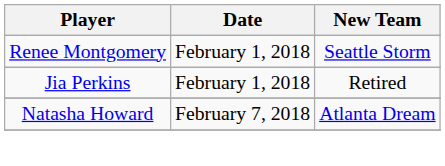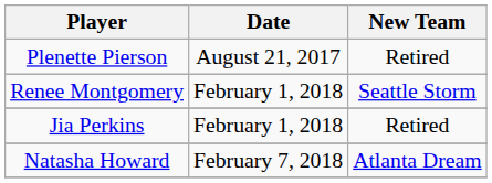 <table class="wikitable sortable sortable">
 <tr>
 <th>Player</th>
 <th>Date</th>
 <th>New Team</th>
+</tr>
+<tr style="text-align: center">
+<td><a href='#'>Plenette Pierson</a></td>
+<td>August 21, 2017</td>
+<td>Retired </td>
 </tr>
 <tr>
 </tr>
 <tr style="text-align: center">
 <td><a href='#'>Renee Montgomery</a></td>
 <td>February 1, 2018</td>
 <td><a href='#'>Seattle Storm</a></td>
 </tr>
 <tr>
 </tr>
 <tr style="text-align: center">
 <td><a href='#'>Jia Perkins</a></td>
 <td>February 1, 2018</td>
 <td>Retired </td>
 </tr>
 <tr>
 </tr>
 <tr style="text-align: center">
 <td><a href='#'>Natasha Howard</a></td>
 <td>February 7, 2018</td>
 <td><a href='#'>Atlanta Dream</a></td>
 </tr>
 <tr>
 </tr>
 </table>
